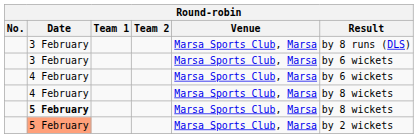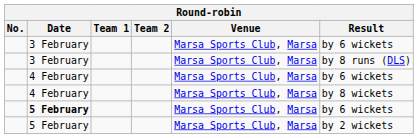 <table class="wikitable">
 <tr>
 <th colspan="6">Round-robin</th>
 </tr>
 <tr>
 <th>No.</th>
 <th>Date</th>
 <th>Team 1</th>
 <th>Team 2</th>
 <th>Venue</th>
 <th>Result</th>
 </tr>
 <tr>
 <td></td>
 <td>3 February</td>
 <td></td>
 <td></td>
 <td><a href='#'>Marsa Sports Club</a>, <a href='#'>Marsa</a></td>
-<td> by 8 runs (<a href='#'>DLS</a>)</td>
+<td> by 6 wickets</td>
 </tr>
 <tr>
 <td></td>
 <td>3 February</td>
 <td></td>
 <td></td>
 <td><a href='#'>Marsa Sports Club</a>, <a href='#'>Marsa</a></td>
-<td> by 6 wickets</td>
+<td> by 8 runs (<a href='#'>DLS</a>)</td>
 </tr>
 <tr>
 <td></td>
 <td>4 February</td>
 <td></td>
 <td></td>
 <td><a href='#'>Marsa Sports Club</a>, <a href='#'>Marsa</a></td>
 <td> by 6 wickets</td>
 </tr>
 <tr>
 <td></td>
 <td>4 February</td>
 <td></td>
 <td></td>
 <td><a href='#'>Marsa Sports Club</a>, <a href='#'>Marsa</a></td>
 <td> by 8 wickets</td>
 </tr>
 <tr>
 <td></td>
 <td><strong>5 February</strong></td>
 <td></td>
 <td></td>
 <td><a href='#'>Marsa Sports Club</a>, <a href='#'>Marsa</a></td>
-<td> by 8 wickets</td>
+<td> by 6 wickets</td>
 </tr>
 <tr>
 <td></td>
-<td style="background: lightsalmon;">5 February</td>
+<td>5 February</td>
 <td></td>
 <td></td>
 <td><a href='#'>Marsa Sports Club</a>, <a href='#'>Marsa</a></td>
 <td> by 2 wickets</td>
 </tr>
 </table>
